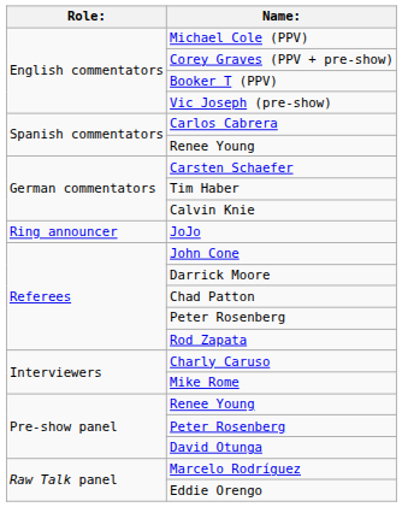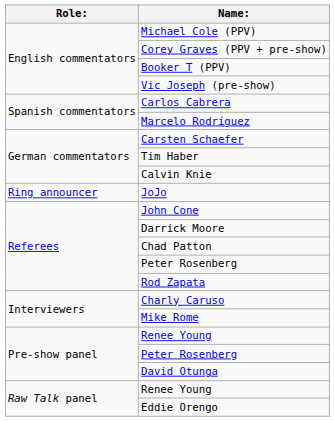 <table class=wikitable style="font-size:90%; margin: 0.5em 0 0.5em 1em; float: right; clear: right;">
 <tr>
 <th>Role:</th>
 <th>Name:</th>
 </tr>
 <tr>
 <td rowspan=4>English commentators</td>
 <td><a href='#'>Michael Cole</a> (PPV)</td>
 </tr>
 <tr>
 <td><a href='#'>Corey Graves</a> (PPV + pre-show)</td>
 </tr>
 <tr>
 <td><a href='#'>Booker T</a> (PPV)</td>
 </tr>
 <tr>
 <td><a href='#'>Vic Joseph</a> (pre-show)</td>
 </tr>
 <tr>
 <td rowspan=2>Spanish commentators</td>
 <td><a href='#'>Carlos Cabrera</a></td>
 </tr>
 <tr>
-<td>Renee Young</td>
+<td><a href='#'>Marcelo Rodríguez</a></td>
 </tr>
 <tr>
 <td rowspan=3>German commentators</td>
 <td><a href='#'>Carsten Schaefer</a></td>
 </tr>
 <tr>
 <td>Tim Haber</td>
 </tr>
 <tr>
 <td>Calvin Knie</td>
 </tr>
 <tr>
 <td rowspan=1><a href='#'>Ring announcer</a></td>
 <td><a href='#'>JoJo</a></td>
 </tr>
 <tr>
 <td rowspan=5><a href='#'>Referees</a></td>
 <td><a href='#'>John Cone</a></td>
 </tr>
 <tr>
 <td>Darrick Moore</td>
 </tr>
 <tr>
 <td>Chad Patton</td>
 </tr>
 <tr>
 <td>Peter Rosenberg</td>
 </tr>
 <tr>
 <td><a href='#'>Rod Zapata</a></td>
 </tr>
 <tr>
 <td rowspan=2>Interviewers</td>
 <td><a href='#'>Charly Caruso</a></td>
 </tr>
 <tr>
 <td><a href='#'>Mike Rome</a></td>
 </tr>
 <tr>
 <td rowspan=3>Pre-show panel</td>
 <td><a href='#'>Renee Young</a></td>
 </tr>
 <tr>
 <td><a href='#'>Peter Rosenberg</a></td>
 </tr>
 <tr>
 <td><a href='#'>David Otunga</a></td>
 </tr>
 <tr>
 <td rowspan=2><em>Raw Talk</em> panel</td>
-<td><a href='#'>Marcelo Rodríguez</a></td>
+<td>Renee Young</td>
 </tr>
 <tr>
 <td>Eddie Orengo</td>
 </tr>
 </table>
